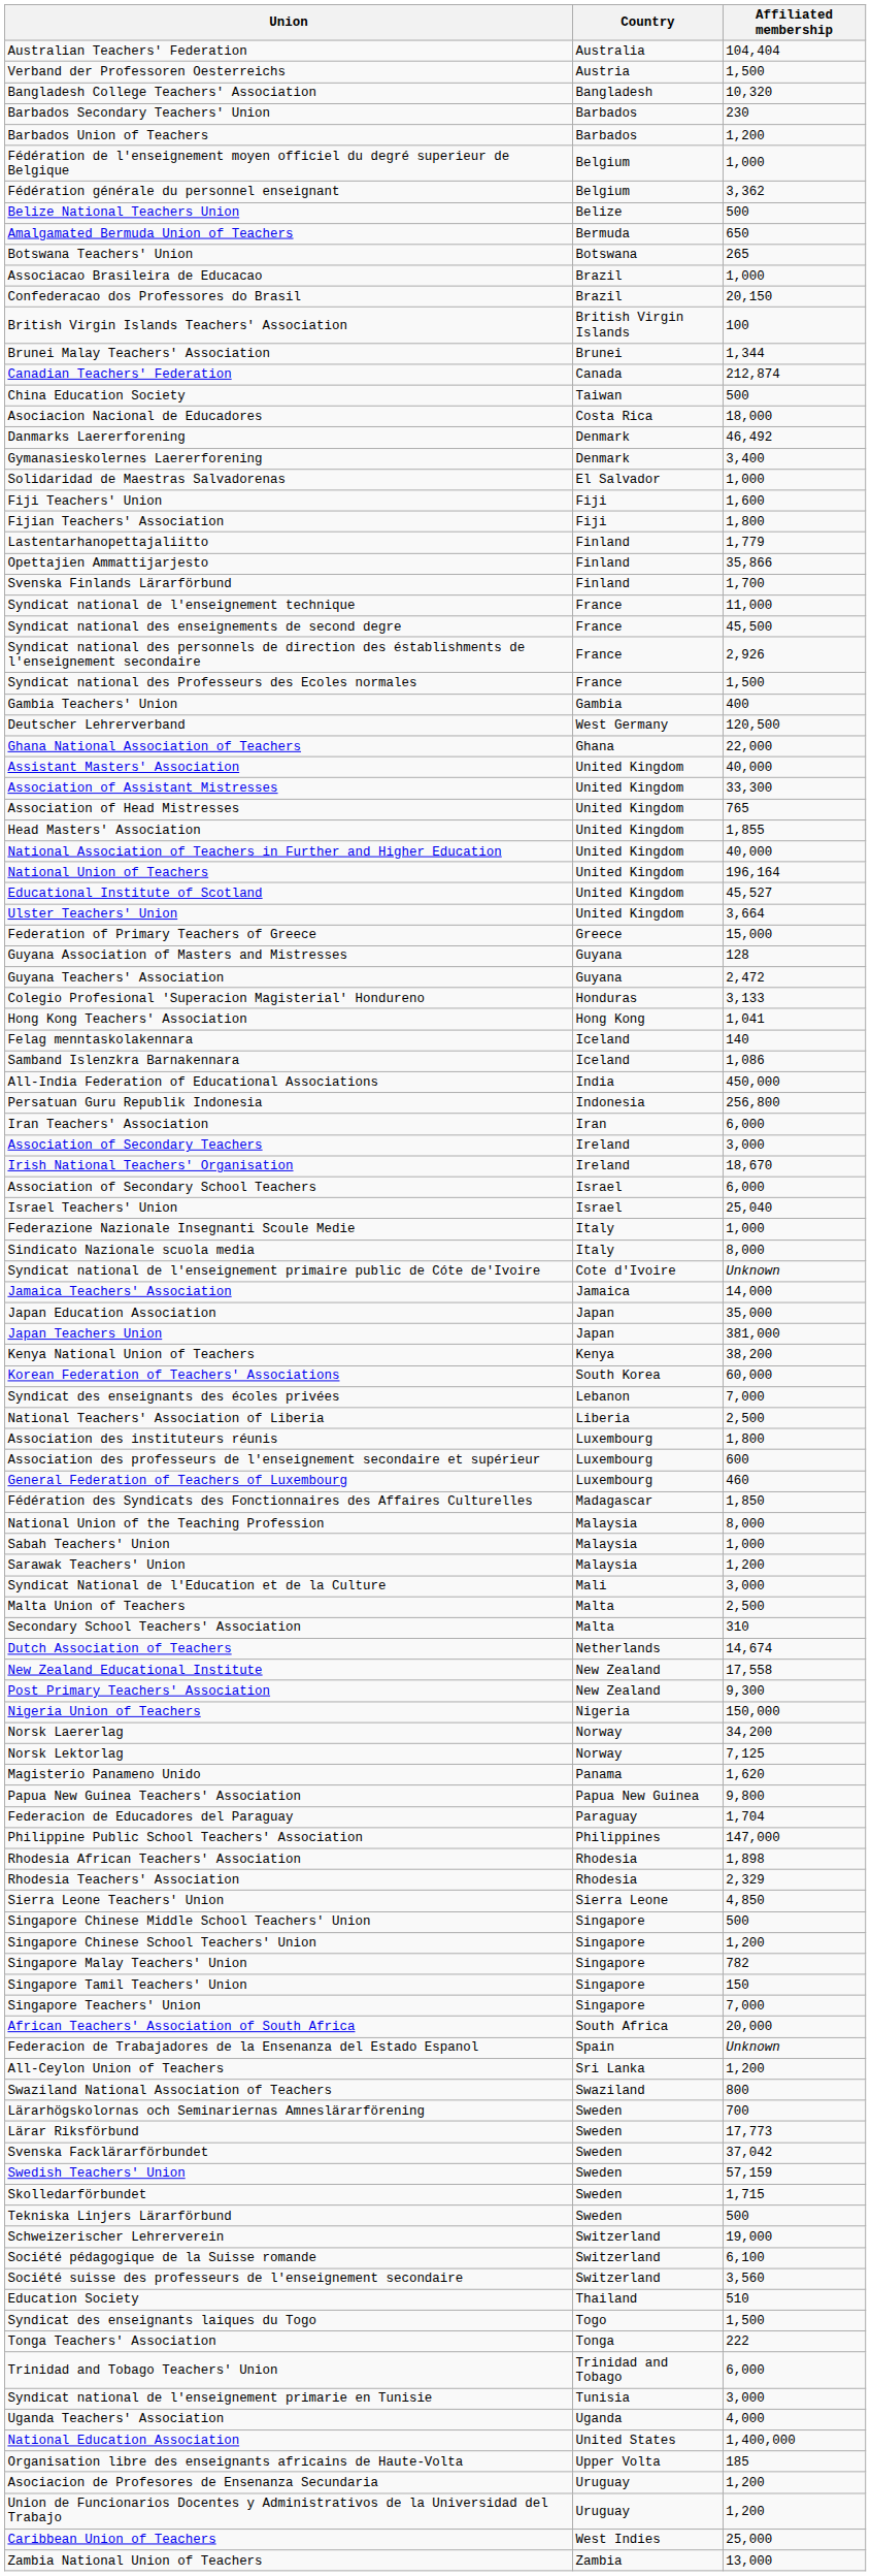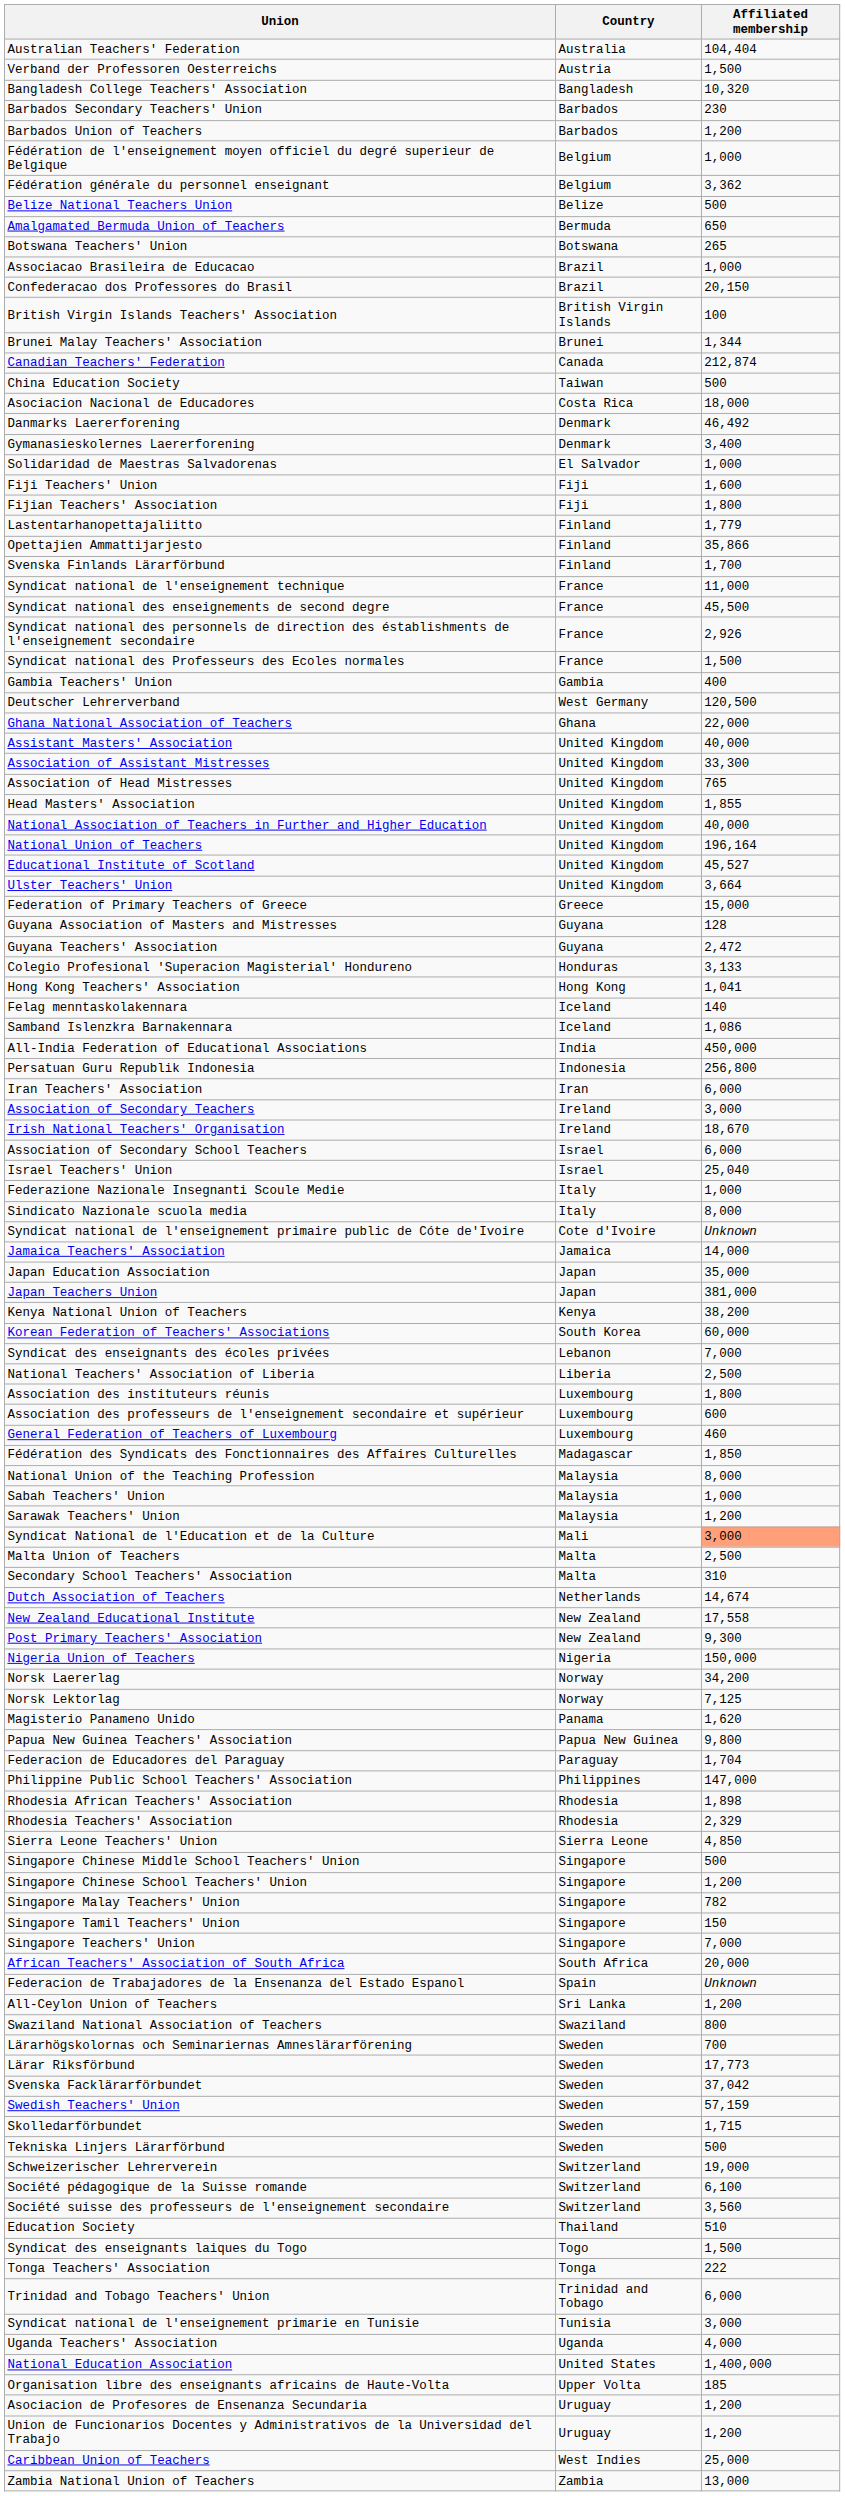 <table class="wikitable sortable">
 <tr>
 <th>Union</th>
 <th>Country</th>
 <th>Affiliated membership</th>
 </tr>
 <tr>
 <td>Australian Teachers' Federation</td>
 <td>Australia</td>
 <td>104,404</td>
 </tr>
 <tr>
 <td>Verband der Professoren Oesterreichs</td>
 <td>Austria</td>
 <td>1,500</td>
 </tr>
 <tr>
 <td>Bangladesh College Teachers' Association</td>
 <td>Bangladesh</td>
 <td>10,320</td>
 </tr>
 <tr>
 <td>Barbados Secondary Teachers' Union</td>
 <td>Barbados</td>
 <td>230</td>
 </tr>
 <tr>
 <td>Barbados Union of Teachers</td>
 <td>Barbados</td>
 <td>1,200</td>
 </tr>
 <tr>
 <td>Fédération de l'enseignement moyen officiel du degré superieur de Belgique</td>
 <td>Belgium</td>
 <td>1,000</td>
 </tr>
 <tr>
 <td>Fédération générale du personnel enseignant</td>
 <td>Belgium</td>
 <td>3,362</td>
 </tr>
 <tr>
 <td><a href='#'>Belize National Teachers Union</a></td>
 <td>Belize</td>
 <td>500</td>
 </tr>
 <tr>
 <td><a href='#'>Amalgamated Bermuda Union of Teachers</a></td>
 <td>Bermuda</td>
 <td>650</td>
 </tr>
 <tr>
 <td>Botswana Teachers' Union</td>
 <td>Botswana</td>
 <td>265</td>
 </tr>
 <tr>
 <td>Associacao Brasileira de Educacao</td>
 <td>Brazil</td>
 <td>1,000</td>
 </tr>
 <tr>
 <td>Confederacao dos Professores do Brasil</td>
 <td>Brazil</td>
 <td>20,150</td>
 </tr>
 <tr>
 <td>British Virgin Islands Teachers' Association</td>
 <td>British Virgin Islands</td>
 <td>100</td>
 </tr>
 <tr>
 <td>Brunei Malay Teachers' Association</td>
 <td>Brunei</td>
 <td>1,344</td>
 </tr>
 <tr>
 <td><a href='#'>Canadian Teachers' Federation</a></td>
 <td>Canada</td>
 <td>212,874</td>
 </tr>
 <tr>
 <td>China Education Society</td>
 <td>Taiwan</td>
 <td>500</td>
 </tr>
 <tr>
 <td>Asociacion Nacional de Educadores</td>
 <td>Costa Rica</td>
 <td>18,000</td>
 </tr>
 <tr>
 <td>Danmarks Laererforening</td>
 <td>Denmark</td>
 <td>46,492</td>
 </tr>
 <tr>
 <td>Gymanasieskolernes Laererforening</td>
 <td>Denmark</td>
 <td>3,400</td>
 </tr>
 <tr>
 <td>Solidaridad de Maestras Salvadorenas</td>
 <td>El Salvador</td>
 <td>1,000</td>
 </tr>
 <tr>
 <td>Fiji Teachers' Union</td>
 <td>Fiji</td>
 <td>1,600</td>
 </tr>
 <tr>
 <td>Fijian Teachers' Association</td>
 <td>Fiji</td>
 <td>1,800</td>
 </tr>
 <tr>
 <td>Lastentarhanopettajaliitto</td>
 <td>Finland</td>
 <td>1,779</td>
 </tr>
 <tr>
 <td>Opettajien Ammattijarjesto</td>
 <td>Finland</td>
 <td>35,866</td>
 </tr>
 <tr>
 <td>Svenska Finlands Lärarförbund</td>
 <td>Finland</td>
 <td>1,700</td>
 </tr>
 <tr>
 <td>Syndicat national de l'enseignement technique</td>
 <td>France</td>
 <td>11,000</td>
 </tr>
 <tr>
 <td>Syndicat national des enseignements de second degre</td>
 <td>France</td>
 <td>45,500</td>
 </tr>
 <tr>
 <td>Syndicat national des personnels de direction des éstablishments de l'enseignement secondaire</td>
 <td>France</td>
 <td>2,926</td>
 </tr>
 <tr>
 <td>Syndicat national des Professeurs des Ecoles normales</td>
 <td>France</td>
 <td>1,500</td>
 </tr>
 <tr>
 <td>Gambia Teachers' Union</td>
 <td>Gambia</td>
 <td>400</td>
 </tr>
 <tr>
 <td>Deutscher Lehrerverband</td>
 <td>West Germany</td>
 <td>120,500</td>
 </tr>
 <tr>
 <td><a href='#'>Ghana National Association of Teachers</a></td>
 <td>Ghana</td>
 <td>22,000</td>
 </tr>
 <tr>
 <td><a href='#'>Assistant Masters' Association</a></td>
 <td>United Kingdom</td>
 <td>40,000</td>
 </tr>
 <tr>
 <td><a href='#'>Association of Assistant Mistresses</a></td>
 <td>United Kingdom</td>
 <td>33,300</td>
 </tr>
 <tr>
 <td>Association of Head Mistresses</td>
 <td>United Kingdom</td>
 <td>765</td>
 </tr>
 <tr>
 <td>Head Masters' Association</td>
 <td>United Kingdom</td>
 <td>1,855</td>
 </tr>
 <tr>
 <td><a href='#'>National Association of Teachers in Further and Higher Education</a></td>
 <td>United Kingdom</td>
 <td>40,000</td>
 </tr>
 <tr>
 <td><a href='#'>National Union of Teachers</a></td>
 <td>United Kingdom</td>
 <td>196,164</td>
 </tr>
 <tr>
 <td><a href='#'>Educational Institute of Scotland</a></td>
 <td>United Kingdom</td>
 <td>45,527</td>
 </tr>
 <tr>
 <td><a href='#'>Ulster Teachers' Union</a></td>
 <td>United Kingdom</td>
 <td>3,664</td>
 </tr>
 <tr>
 <td>Federation of Primary Teachers of Greece</td>
 <td>Greece</td>
 <td>15,000</td>
 </tr>
 <tr>
 <td>Guyana Association of Masters and Mistresses</td>
 <td>Guyana</td>
 <td>128</td>
 </tr>
 <tr>
 <td>Guyana Teachers' Association</td>
 <td>Guyana</td>
 <td>2,472</td>
 </tr>
 <tr>
 <td>Colegio Profesional 'Superacion Magisterial' Hondureno</td>
 <td>Honduras</td>
 <td>3,133</td>
 </tr>
 <tr>
 <td>Hong Kong Teachers' Association</td>
 <td>Hong Kong</td>
 <td>1,041</td>
 </tr>
 <tr>
 <td>Felag menntaskolakennara</td>
 <td>Iceland</td>
 <td>140</td>
 </tr>
 <tr>
 <td>Samband Islenzkra Barnakennara</td>
 <td>Iceland</td>
 <td>1,086</td>
 </tr>
 <tr>
 <td>All-India Federation of Educational Associations</td>
 <td>India</td>
 <td>450,000</td>
 </tr>
 <tr>
 <td>Persatuan Guru Republik Indonesia</td>
 <td>Indonesia</td>
 <td>256,800</td>
 </tr>
 <tr>
 <td>Iran Teachers' Association</td>
 <td>Iran</td>
 <td>6,000</td>
 </tr>
 <tr>
 <td><a href='#'>Association of Secondary Teachers</a></td>
 <td>Ireland</td>
 <td>3,000</td>
 </tr>
 <tr>
 <td><a href='#'>Irish National Teachers' Organisation</a></td>
 <td>Ireland</td>
 <td>18,670</td>
 </tr>
 <tr>
 <td>Association of Secondary School Teachers</td>
 <td>Israel</td>
 <td>6,000</td>
 </tr>
 <tr>
 <td>Israel Teachers' Union</td>
 <td>Israel</td>
 <td>25,040</td>
 </tr>
 <tr>
 <td>Federazione Nazionale Insegnanti Scoule Medie</td>
 <td>Italy</td>
 <td>1,000</td>
 </tr>
 <tr>
 <td>Sindicato Nazionale scuola media</td>
 <td>Italy</td>
 <td>8,000</td>
 </tr>
 <tr>
 <td>Syndicat national de l'enseignement primaire public de Cóte de'Ivoire</td>
 <td>Cote d'Ivoire</td>
 <td><em>Unknown</em></td>
 </tr>
 <tr>
 <td><a href='#'>Jamaica Teachers' Association</a></td>
 <td>Jamaica</td>
 <td>14,000</td>
 </tr>
 <tr>
 <td>Japan Education Association</td>
 <td>Japan</td>
 <td>35,000</td>
 </tr>
 <tr>
 <td><a href='#'>Japan Teachers Union</a></td>
 <td>Japan</td>
 <td>381,000</td>
 </tr>
 <tr>
 <td>Kenya National Union of Teachers</td>
 <td>Kenya</td>
 <td>38,200</td>
 </tr>
 <tr>
 <td><a href='#'>Korean Federation of Teachers' Associations</a></td>
 <td>South Korea</td>
 <td>60,000</td>
 </tr>
 <tr>
 <td>Syndicat des enseignants des écoles privées</td>
 <td>Lebanon</td>
 <td>7,000</td>
 </tr>
 <tr>
 <td>National Teachers' Association of Liberia</td>
 <td>Liberia</td>
 <td>2,500</td>
 </tr>
 <tr>
 <td>Association des instituteurs réunis</td>
 <td>Luxembourg</td>
 <td>1,800</td>
 </tr>
 <tr>
 <td>Association des professeurs de l'enseignement secondaire et supérieur</td>
 <td>Luxembourg</td>
 <td>600</td>
 </tr>
 <tr>
 <td><a href='#'>General Federation of Teachers of Luxembourg</a></td>
 <td>Luxembourg</td>
 <td>460</td>
 </tr>
 <tr>
 <td>Fédération des Syndicats des Fonctionnaires des Affaires Culturelles</td>
 <td>Madagascar</td>
 <td>1,850</td>
 </tr>
 <tr>
 <td>National Union of the Teaching Profession</td>
 <td>Malaysia</td>
 <td>8,000</td>
 </tr>
 <tr>
 <td>Sabah Teachers' Union</td>
 <td>Malaysia</td>
 <td>1,000</td>
 </tr>
 <tr>
 <td>Sarawak Teachers' Union</td>
 <td>Malaysia</td>
 <td>1,200</td>
 </tr>
 <tr>
 <td>Syndicat National de l'Education et de la Culture</td>
 <td>Mali</td>
-<td>3,000</td>
+<td style="background: lightsalmon;">3,000</td>
 </tr>
 <tr>
 <td>Malta Union of Teachers</td>
 <td>Malta</td>
 <td>2,500</td>
 </tr>
 <tr>
 <td>Secondary School Teachers' Association</td>
 <td>Malta</td>
 <td>310</td>
 </tr>
 <tr>
 <td><a href='#'>Dutch Association of Teachers</a></td>
 <td>Netherlands</td>
 <td>14,674</td>
 </tr>
 <tr>
 <td><a href='#'>New Zealand Educational Institute</a></td>
 <td>New Zealand</td>
 <td>17,558</td>
 </tr>
 <tr>
 <td><a href='#'>Post Primary Teachers' Association</a></td>
 <td>New Zealand</td>
 <td>9,300</td>
 </tr>
 <tr>
 <td><a href='#'>Nigeria Union of Teachers</a></td>
 <td>Nigeria</td>
 <td>150,000</td>
 </tr>
 <tr>
 <td>Norsk Laererlag</td>
 <td>Norway</td>
 <td>34,200</td>
 </tr>
 <tr>
 <td>Norsk Lektorlag</td>
 <td>Norway</td>
 <td>7,125</td>
 </tr>
 <tr>
 <td>Magisterio Panameno Unido</td>
 <td>Panama</td>
 <td>1,620</td>
 </tr>
 <tr>
 <td>Papua New Guinea Teachers' Association</td>
 <td>Papua New Guinea</td>
 <td>9,800</td>
 </tr>
 <tr>
 <td>Federacion de Educadores del Paraguay</td>
 <td>Paraguay</td>
 <td>1,704</td>
 </tr>
 <tr>
 <td>Philippine Public School Teachers' Association</td>
 <td>Philippines</td>
 <td>147,000</td>
 </tr>
 <tr>
 <td>Rhodesia African Teachers' Association</td>
 <td>Rhodesia</td>
 <td>1,898</td>
 </tr>
 <tr>
 <td>Rhodesia Teachers' Association</td>
 <td>Rhodesia</td>
 <td>2,329</td>
 </tr>
 <tr>
 <td>Sierra Leone Teachers' Union</td>
 <td>Sierra Leone</td>
 <td>4,850</td>
 </tr>
 <tr>
 <td>Singapore Chinese Middle School Teachers' Union</td>
 <td>Singapore</td>
 <td>500</td>
 </tr>
 <tr>
 <td>Singapore Chinese School Teachers' Union</td>
 <td>Singapore</td>
 <td>1,200</td>
 </tr>
 <tr>
 <td>Singapore Malay Teachers' Union</td>
 <td>Singapore</td>
 <td>782</td>
 </tr>
 <tr>
 <td>Singapore Tamil Teachers' Union</td>
 <td>Singapore</td>
 <td>150</td>
 </tr>
 <tr>
 <td>Singapore Teachers' Union</td>
 <td>Singapore</td>
 <td>7,000</td>
 </tr>
 <tr>
 <td><a href='#'>African Teachers' Association of South Africa</a></td>
 <td>South Africa</td>
 <td>20,000</td>
 </tr>
 <tr>
 <td>Federacion de Trabajadores de la Ensenanza del Estado Espanol</td>
 <td>Spain</td>
 <td><em>Unknown</em></td>
 </tr>
 <tr>
 <td>All-Ceylon Union of Teachers</td>
 <td>Sri Lanka</td>
 <td>1,200</td>
 </tr>
 <tr>
 <td>Swaziland National Association of Teachers</td>
 <td>Swaziland</td>
 <td>800</td>
 </tr>
 <tr>
 <td>Lärarhögskolornas och Seminariernas Amneslärarförening</td>
 <td>Sweden</td>
 <td>700</td>
 </tr>
 <tr>
 <td>Lärar Riksförbund</td>
 <td>Sweden</td>
 <td>17,773</td>
 </tr>
 <tr>
 <td>Svenska Facklärarförbundet</td>
 <td>Sweden</td>
 <td>37,042</td>
 </tr>
 <tr>
 <td><a href='#'>Swedish Teachers' Union</a></td>
 <td>Sweden</td>
 <td>57,159</td>
 </tr>
 <tr>
 <td>Skolledarförbundet</td>
 <td>Sweden</td>
 <td>1,715</td>
 </tr>
 <tr>
 <td>Tekniska Linjers Lärarförbund</td>
 <td>Sweden</td>
 <td>500</td>
 </tr>
 <tr>
 <td>Schweizerischer Lehrerverein</td>
 <td>Switzerland</td>
 <td>19,000</td>
 </tr>
 <tr>
 <td>Société pédagogique de la Suisse romande</td>
 <td>Switzerland</td>
 <td>6,100</td>
 </tr>
 <tr>
 <td>Société suisse des professeurs de l'enseignement secondaire</td>
 <td>Switzerland</td>
 <td>3,560</td>
 </tr>
 <tr>
 <td>Education Society</td>
 <td>Thailand</td>
 <td>510</td>
 </tr>
 <tr>
 <td>Syndicat des enseignants laiques du Togo</td>
 <td>Togo</td>
 <td>1,500</td>
 </tr>
 <tr>
 <td>Tonga Teachers' Association</td>
 <td>Tonga</td>
 <td>222</td>
 </tr>
 <tr>
 <td>Trinidad and Tobago Teachers' Union</td>
 <td>Trinidad and Tobago</td>
 <td>6,000</td>
 </tr>
 <tr>
 <td>Syndicat national de l'enseignement primarie en Tunisie</td>
 <td>Tunisia</td>
 <td>3,000</td>
 </tr>
 <tr>
 <td>Uganda Teachers' Association</td>
 <td>Uganda</td>
 <td>4,000</td>
 </tr>
 <tr>
 <td><a href='#'>National Education Association</a></td>
 <td>United States</td>
 <td>1,400,000</td>
 </tr>
 <tr>
 <td>Organisation libre des enseignants africains de Haute-Volta</td>
 <td>Upper Volta</td>
 <td>185</td>
 </tr>
 <tr>
 <td>Asociacion de Profesores de Ensenanza Secundaria</td>
 <td>Uruguay</td>
 <td>1,200</td>
 </tr>
 <tr>
 <td>Union de Funcionarios Docentes y Administrativos de la Universidad del Trabajo</td>
 <td>Uruguay</td>
 <td>1,200</td>
 </tr>
 <tr>
 <td><a href='#'>Caribbean Union of Teachers</a></td>
 <td>West Indies</td>
 <td>25,000</td>
 </tr>
 <tr>
 <td>Zambia National Union of Teachers</td>
 <td>Zambia</td>
 <td>13,000</td>
 </tr>
 </table>
